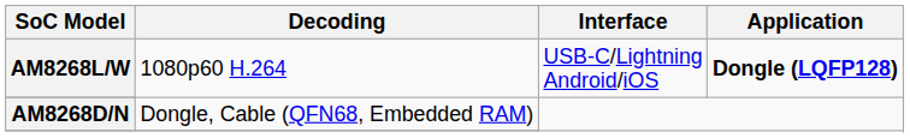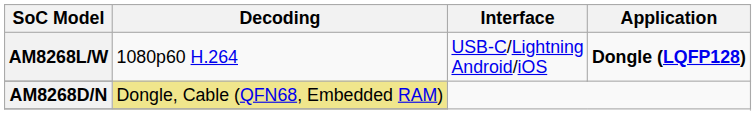 <table class="wikitable">
 <tr>
 <th>SoC Model</th>
 <th>Decoding</th>
 <th>Interface</th>
 <th>Application</th>
 </tr>
 <tr>
 <th>AM8268L/W</th>
 <td rowspan = 2>1080p60 <a href='#'>H.264</a></td>
 <td rowspan = 2><a href='#'>USB-C</a>/<a href='#'>Lightning</a> <br> <a href='#'>Android</a>/<a href='#'>iOS</a></td>
 <td><strong>Dongle (<a href='#'>LQFP128</a>)</strong></td>
 </tr>
 <tr>
 </tr>
 <tr>
 <th>AM8268D/N</th>
-<td>Dongle, Cable (<a href='#'>QFN68</a>, Embedded <a href='#'>RAM</a>)</td>
+<td style="background: khaki;">Dongle, Cable (<a href='#'>QFN68</a>, Embedded <a href='#'>RAM</a>)</td>
 </tr>
 <tr>
 </tr>
 </table>
